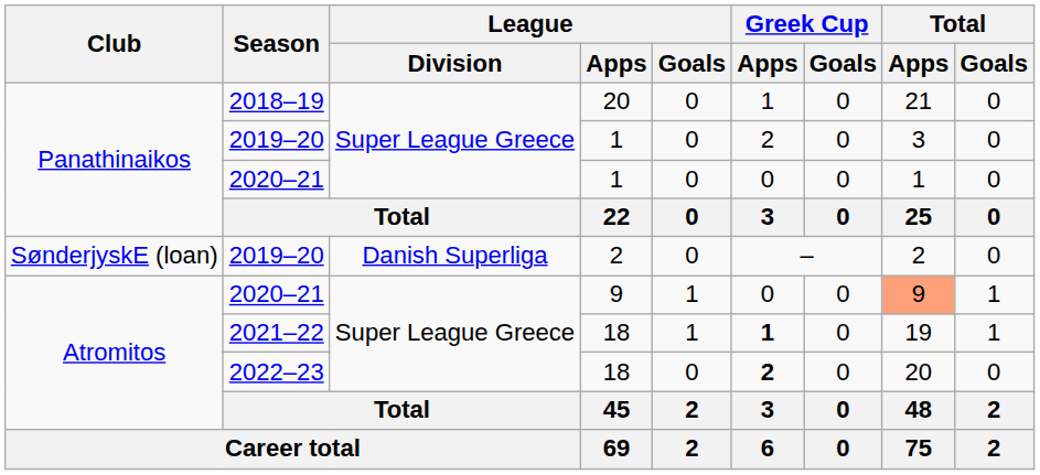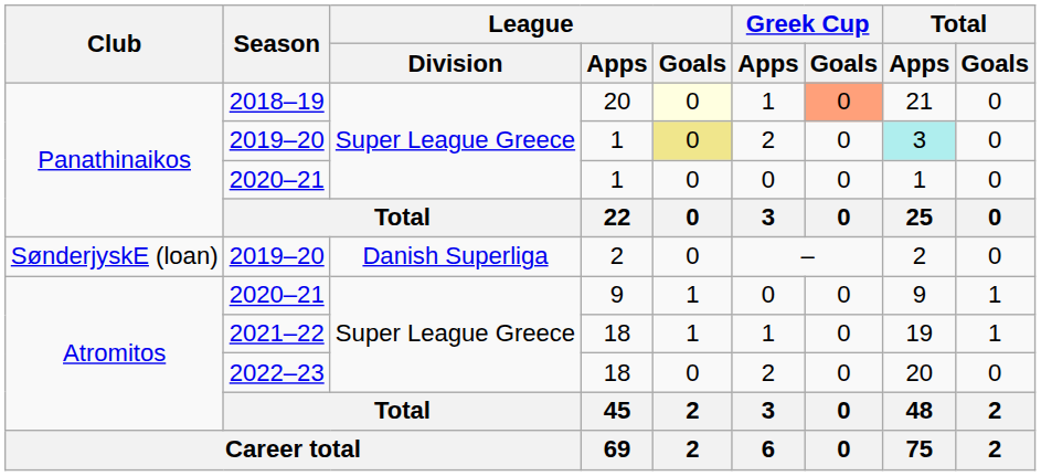 <table class="wikitable" style="text-align:center">
 <tr>
 <th rowspan=2>Club</th>
 <th rowspan=2>Season</th>
 <th colspan=3>League</th>
 <th colspan=2><a href='#'>Greek Cup</a></th>
 <th colspan=2>Total</th>
 </tr>
 <tr>
 <th>Division</th>
 <th>Apps</th>
 <th>Goals</th>
 <th>Apps</th>
 <th>Goals</th>
 <th>Apps</th>
 <th>Goals</th>
 </tr>
 <tr>
 <td rowspan="4"><a href='#'>Panathinaikos</a></td>
 <td><a href='#'>2018–19</a></td>
 <td rowspan="3"><a href='#'>Super League Greece</a></td>
 <td>20</td>
-<td>0</td>
+<td style="background: lightyellow;">0</td>
 <td>1</td>
-<td>0</td>
+<td style="background: lightsalmon;">0</td>
 <td>21</td>
 <td>0</td>
 </tr>
 <tr>
 <td><a href='#'>2019–20</a></td>
 <td>1</td>
-<td>0</td>
+<td style="background: khaki;">0</td>
 <td>2</td>
 <td>0</td>
-<td>3</td>
+<td style="background: paleturquoise;">3</td>
 <td>0</td>
 </tr>
 <tr>
 <td><a href='#'>2020–21</a></td>
 <td>1</td>
 <td>0</td>
 <td>0</td>
 <td>0</td>
 <td>1</td>
 <td>0</td>
 </tr>
 <tr>
 <th colspan="2">Total</th>
 <th>22</th>
 <th>0</th>
 <th>3</th>
 <th>0</th>
 <th>25</th>
 <th>0</th>
 </tr>
 <tr>
 <td><a href='#'>SønderjyskE</a> (loan)</td>
 <td><a href='#'>2019–20</a></td>
 <td><a href='#'>Danish Superliga</a></td>
 <td>2</td>
 <td>0</td>
 <td colspan="2">–</td>
 <td>2</td>
 <td>0</td>
 </tr>
 <tr>
 <td rowspan="4"><a href='#'>Atromitos</a></td>
 <td><a href='#'>2020–21</a></td>
 <td rowspan="3">Super League Greece</td>
 <td>9</td>
 <td>1</td>
 <td>0</td>
 <td>0</td>
-<td style="background: lightsalmon;">9</td>
+<td>9</td>
 <td>1</td>
 </tr>
 <tr>
 <td><a href='#'>2021–22</a></td>
 <td>18</td>
 <td>1</td>
-<td><strong>1</strong></td>
+<td>1</td>
 <td>0</td>
 <td>19</td>
 <td>1</td>
 </tr>
 <tr>
 <td><a href='#'>2022–23</a></td>
 <td>18</td>
 <td>0</td>
-<td><strong>2</strong></td>
+<td>2</td>
 <td>0</td>
 <td>20</td>
 <td>0</td>
 </tr>
 <tr>
 <th colspan="2">Total</th>
 <th>45</th>
 <th>2</th>
 <th>3</th>
 <th>0</th>
 <th>48</th>
 <th>2</th>
 </tr>
 <tr>
 <th colspan="3">Career total</th>
 <th>69</th>
 <th>2</th>
 <th>6</th>
 <th>0</th>
 <th>75</th>
 <th>2</th>
 </tr>
 </table>
